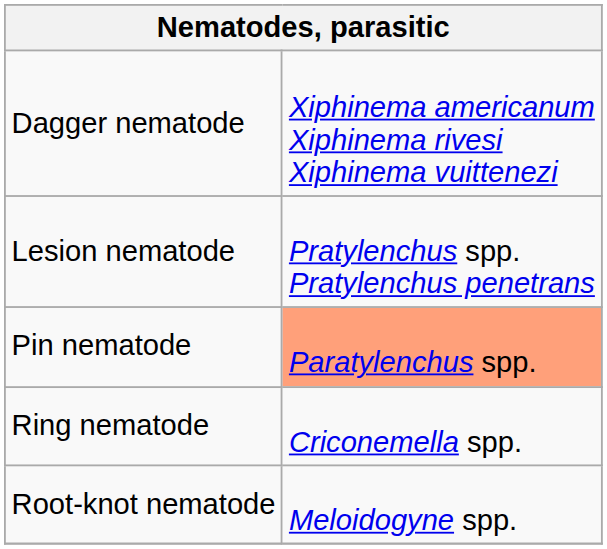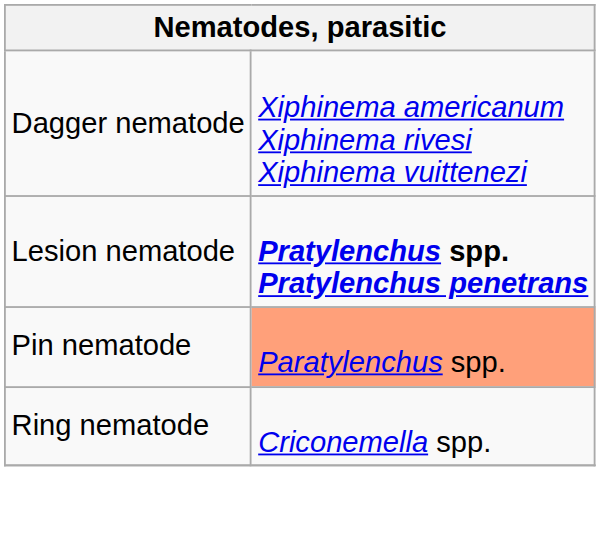 <table class="wikitable" style="clear">
 <tr>
 <th colspan=2><strong>Nematodes, parasitic</strong><br></th>
 </tr>
 <tr>
 <td>Dagger nematode</td>
 <td><br><em><a href='#'>Xiphinema americanum</a></em><br> <em><a href='#'>Xiphinema rivesi</a></em><br> <em><a href='#'>Xiphinema vuittenezi</a></em></td>
 </tr>
 <tr>
 <td>Lesion nematode</td>
-<td><br><em><a href='#'>Pratylenchus</a></em> spp. <br> <em><a href='#'>Pratylenchus penetrans</a></em></td>
+<td><strong><br><em><a href='#'>Pratylenchus</a></em> spp. <br> <em><a href='#'>Pratylenchus penetrans</a></em></strong></td>
 </tr>
 <tr>
 <td>Pin nematode</td>
 <td style="background: lightsalmon;"><br><em><a href='#'>Paratylenchus</a></em> spp.</td>
 </tr>
 <tr>
 <td>Ring nematode</td>
 <td><br><em><a href='#'>Criconemella</a></em> spp.</td>
 </tr>
 <tr>
-<td>Root-knot nematode</td>
-<td><br><em><a href='#'>Meloidogyne</a></em> spp.</td>
-</tr>
-<tr>
 </tr>
 </table>
